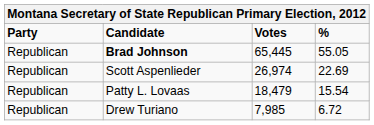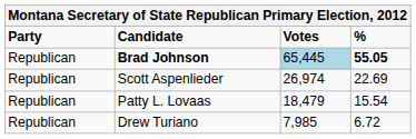 <table class="wikitable">
 <tr>
 <th colspan="4">Montana Secretary of State Republican Primary Election, 2012</th>
 </tr>
 <tr>
 <td><strong>Party</strong></td>
 <td><strong>Candidate</strong></td>
 <td><strong>Votes</strong></td>
 <td><strong>%</strong></td>
 </tr>
 <tr>
 <td>Republican</td>
 <td><strong>Brad Johnson</strong></td>
-<td>65,445</td>
-<td>55.05</td>
+<td style="background: lightblue;">65,445</td>
+<td><strong>55.05</strong></td>
 </tr>
 <tr>
 <td>Republican</td>
 <td>Scott Aspenlieder</td>
 <td>26,974</td>
 <td>22.69</td>
 </tr>
 <tr>
 <td>Republican</td>
 <td>Patty L. Lovaas</td>
 <td>18,479</td>
 <td>15.54</td>
 </tr>
 <tr>
 <td>Republican</td>
 <td>Drew Turiano</td>
 <td>7,985</td>
 <td>6.72</td>
 </tr>
 </table>
